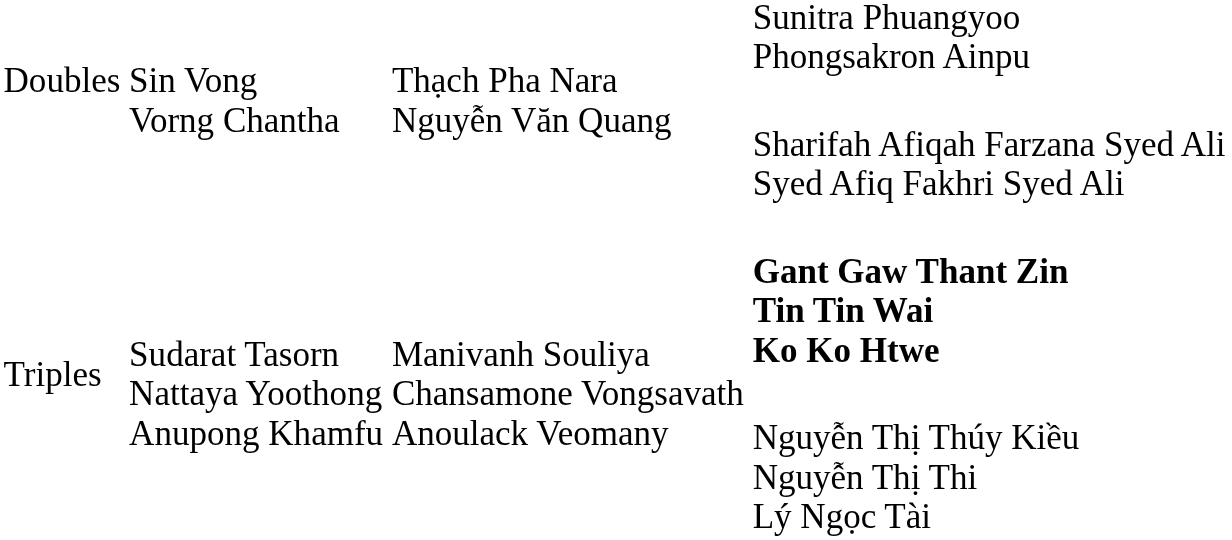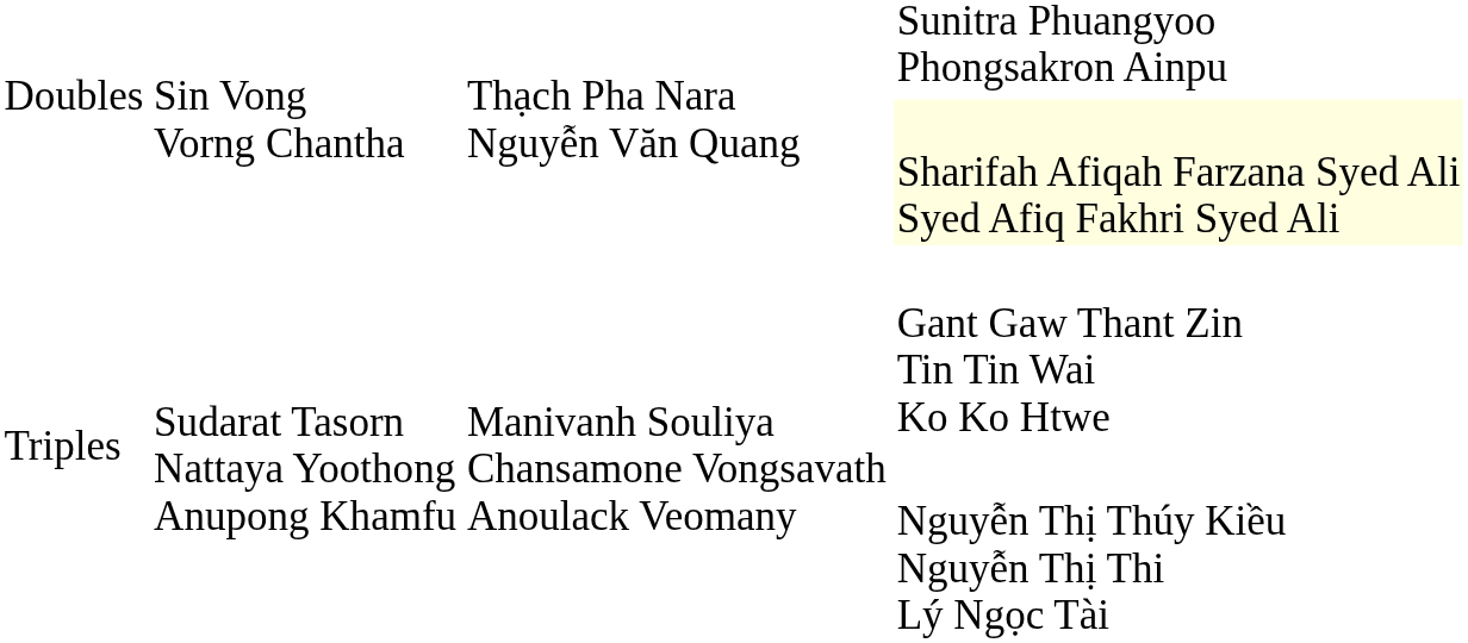 <table>
 <tr>
 <td rowspan=2>Doubles</td>
 <td rowspan=2><br>Sin Vong<br>Vorng Chantha</td>
 <td rowspan=2><br>Thạch Pha Nara<br>Nguyễn Văn Quang</td>
 <td><br>Sunitra Phuangyoo<br>Phongsakron Ainpu</td>
 </tr>
 <tr>
-<td nowrap><br>Sharifah Afiqah Farzana Syed Ali<br>Syed Afiq Fakhri Syed Ali</td>
+<td nowrap style="background: lightyellow;"><br>Sharifah Afiqah Farzana Syed Ali<br>Syed Afiq Fakhri Syed Ali</td>
 </tr>
 <tr>
 <td rowspan=2>Triples</td>
 <td rowspan=2 nowrap><br>Sudarat Tasorn<br>Nattaya Yoothong<br>Anupong Khamfu</td>
 <td rowspan=2 nowrap><br>Manivanh Souliya<br>Chansamone Vongsavath<br>Anoulack Veomany</td>
-<td><strong><br>Gant Gaw Thant Zin<br>Tin Tin Wai<br>Ko Ko Htwe</strong></td>
+<td><br>Gant Gaw Thant Zin<br>Tin Tin Wai<br>Ko Ko Htwe</td>
 </tr>
 <tr>
 <td><br>Nguyễn Thị Thúy Kiều<br>Nguyễn Thị Thi<br>Lý Ngọc Tài</td>
 </tr>
 <tr>
 </tr>
 </table>
